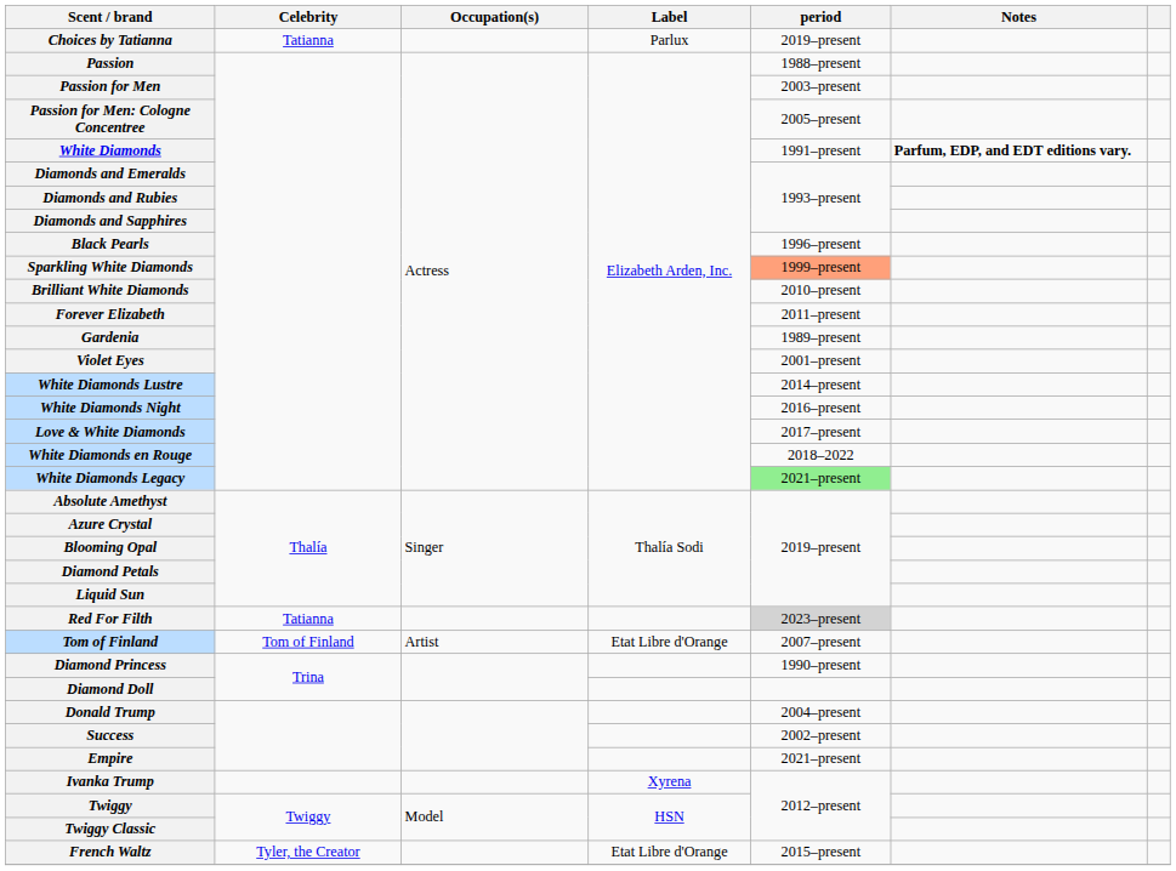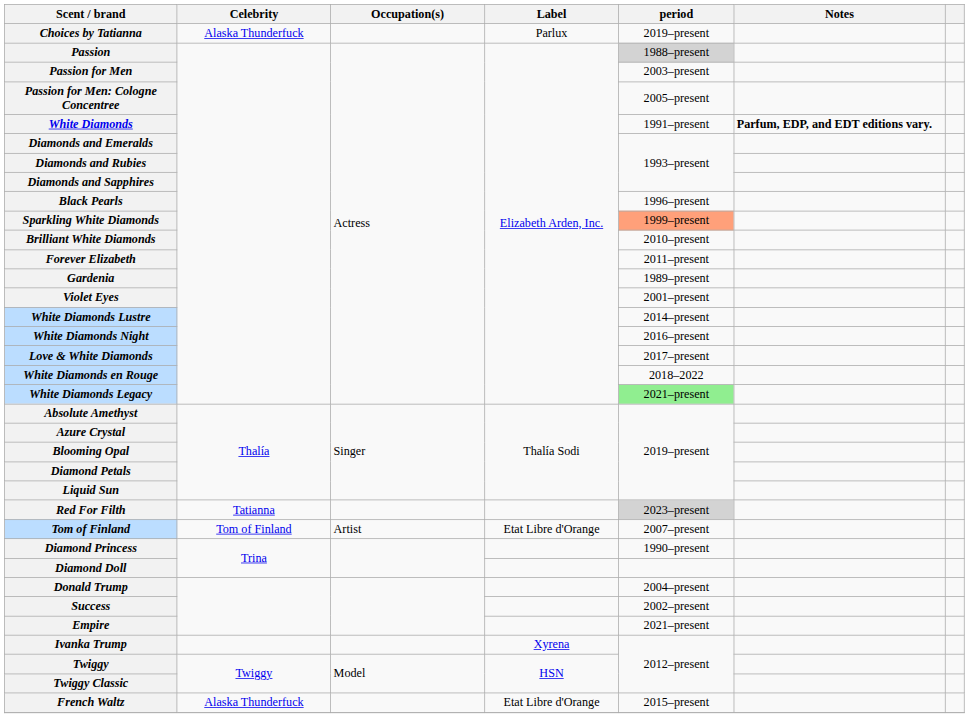 <table class="wikitable sortable plainrowheaders" font-size:95%; style="text-align:center;" width="100%;">
 <tr>
 <th scope="col" width="18%">Scent / brand</th>
 <th scope="col" width:"16%">Celebrity</th>
 <th scope="col" width="16%">Occupation(s)</th>
 <th scope="col" width="14%">Label</th>
 <th scope="col" width="12%"> period</th>
 <th scope="col" width="22%;" class="unsortable">Notes</th>
 <th scope="col" width="2%;" class="unsortable"></th>
 </tr>
 <tr>
 <th scope="row"><em>Choices by Tatianna</em></th>
-<td><a href='#'>Tatianna</a></td>
+<td><a href='#'>Alaska Thunderfuck</a></td>
 <td></td>
 <td>Parlux</td>
 <td>2019–present</td>
 <td></td>
 <td></td>
 </tr>
 <tr>
 <th scope="row"><em>Passion</em></th>
 <td rowspan="18"></td>
 <td rowspan="18" style="text-align:left;">Actress</td>
 <td rowspan="18"><a href='#'>Elizabeth Arden, Inc.</a></td>
-<td>1988–present</td>
+<td style="background: lightgrey;">1988–present</td>
 <td></td>
 <td></td>
 </tr>
 <tr>
 <th scope="row"><em>Passion for Men</em></th>
 <td>2003–present</td>
 <td></td>
 <td></td>
 </tr>
 <tr>
 <th scope="row"><em>Passion for Men: Cologne Concentree</em></th>
 <td>2005–present</td>
 <td></td>
 <td></td>
 </tr>
 <tr>
 <th scope="row"><em><a href='#'>White Diamonds</a></em></th>
 <td>1991–present</td>
 <td style="text-align:left;"><strong>Parfum, EDP, and EDT editions vary.</strong></td>
 <td></td>
 </tr>
 <tr>
 <th scope="row"><em>Diamonds and Emeralds</em></th>
 <td rowspan="3">1993–present</td>
 <td></td>
 <td></td>
 </tr>
 <tr>
 <th scope="row"><em>Diamonds and Rubies</em></th>
 <td></td>
 <td></td>
 </tr>
 <tr>
 <th scope="row"><em>Diamonds and Sapphires</em></th>
 <td></td>
 <td></td>
 </tr>
 <tr>
 <th scope="row"><em>Black Pearls</em></th>
 <td>1996–present</td>
 <td></td>
 <td></td>
 </tr>
 <tr>
 <th scope="row"><em>Sparkling White Diamonds</em></th>
 <td style="background: lightsalmon;">1999–present</td>
 <td></td>
 <td></td>
 </tr>
 <tr>
 <th scope="row"><em>Brilliant White Diamonds</em></th>
 <td>2010–present</td>
 <td></td>
 <td></td>
 </tr>
 <tr>
 <th scope="row"><em>Forever Elizabeth</em></th>
 <td>2011–present</td>
 <td></td>
 <td></td>
 </tr>
 <tr>
 <th scope="row"><em>Gardenia</em></th>
 <td>1989–present</td>
 <td></td>
 <td></td>
 </tr>
 <tr>
 <th scope="row"><em>Violet Eyes</em></th>
 <td>2001–present</td>
 <td></td>
 <td></td>
 </tr>
 <tr>
 <th style="background:#bdf;" scope="row"><em>White Diamonds Lustre</em></th>
 <td>2014–present</td>
 <td></td>
 <td></td>
 </tr>
 <tr>
 <th style="background:#bdf;" scope="row"><em>White Diamonds Night</em></th>
 <td>2016–present</td>
 <td></td>
 <td></td>
 </tr>
 <tr>
 <th style="background:#bdf;" scope="row"><em>Love & White Diamonds</em></th>
 <td>2017–present</td>
 <td></td>
 <td></td>
 </tr>
 <tr>
 <th style="background:#bdf;" scope="row"><em>White Diamonds en Rouge</em></th>
 <td>2018–2022</td>
 <td></td>
 <td></td>
 </tr>
 <tr>
 <th style="background:#bdf;" scope="row"><em>White Diamonds Legacy</em></th>
 <td style="background: lightgreen;">2021–present</td>
 <td></td>
 <td></td>
 </tr>
 <tr>
 <th scope="row"><em>Absolute Amethyst</em></th>
 <td rowspan="5"><a href='#'>Thalía</a></td>
 <td rowspan="5" style="text-align:left;">Singer</td>
 <td rowspan="5">Thalía Sodi</td>
 <td rowspan="5">2019–present</td>
 <td></td>
 <td></td>
 </tr>
 <tr>
 <th scope="row"><em>Azure Crystal</em></th>
 <td></td>
 <td></td>
 </tr>
 <tr>
 <th scope="row"><em>Blooming Opal</em></th>
 <td></td>
 <td></td>
 </tr>
 <tr>
 <th scope="row"><em>Diamond Petals</em></th>
 <td></td>
 <td></td>
 </tr>
 <tr>
 <th scope="row"><em>Liquid Sun</em></th>
 <td></td>
 <td></td>
 </tr>
 <tr>
 <th scope="row"><em>Red For Filth</em></th>
 <td><a href='#'>Tatianna</a></td>
 <td></td>
 <td></td>
 <td style="background: lightgrey;">2023–present</td>
 <td></td>
 <td></td>
 </tr>
 <tr>
 <th style="background:#bdf;" scope="row"><em>Tom of Finland</em></th>
 <td><a href='#'>Tom of Finland</a></td>
 <td style="text-align:left;">Artist</td>
 <td>Etat Libre d'Orange</td>
 <td>2007–present</td>
 <td></td>
 <td></td>
 </tr>
 <tr>
 <th scope="row"><em>Diamond Princess</em></th>
 <td rowspan="2"><a href='#'>Trina</a></td>
 <td rowspan="2"></td>
 <td></td>
 <td>1990–present</td>
 <td></td>
 <td></td>
 </tr>
 <tr>
 <th scope="row"><em>Diamond Doll</em></th>
 <td></td>
 <td></td>
 <td></td>
 <td></td>
 </tr>
 <tr>
 <th scope="row"><em>Donald Trump</em></th>
 <td rowspan="3"></td>
 <td rowspan="3"></td>
 <td></td>
 <td>2004–present</td>
 <td></td>
 <td></td>
 </tr>
 <tr>
 <th scope="row"><em>Success</em></th>
 <td></td>
 <td>2002–present</td>
 <td></td>
 <td></td>
 </tr>
 <tr>
 <th scope="row"><em>Empire</em></th>
 <td></td>
 <td>2021–present</td>
 <td></td>
 <td></td>
 </tr>
 <tr>
 <th scope="row"><em>Ivanka Trump</em></th>
 <td></td>
 <td></td>
 <td><a href='#'>Xyrena</a></td>
 <td rowspan="3">2012–present</td>
 <td></td>
 <td></td>
 </tr>
 <tr>
 <th scope="row"><em>Twiggy</em></th>
 <td rowspan="2"><a href='#'>Twiggy</a></td>
 <td rowspan="2" style="text-align:left;">Model</td>
 <td rowspan="2"><a href='#'>HSN</a></td>
 <td></td>
 <td></td>
 </tr>
 <tr>
 <th scope="row"><em>Twiggy Classic</em></th>
 <td></td>
 <td></td>
 </tr>
 <tr>
 <th scope="row"><em>French Waltz</em></th>
-<td><a href='#'>Tyler, the Creator</a></td>
+<td><a href='#'>Alaska Thunderfuck</a></td>
 <td></td>
 <td>Etat Libre d'Orange</td>
 <td>2015–present</td>
 <td></td>
 <td></td>
 </tr>
 <tr>
 </tr>
 </table>
